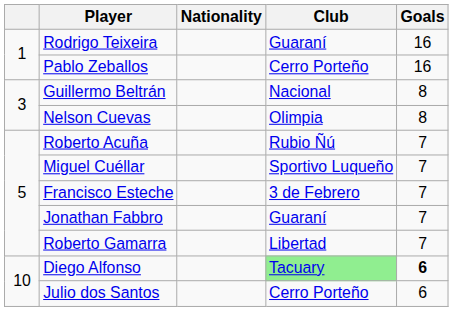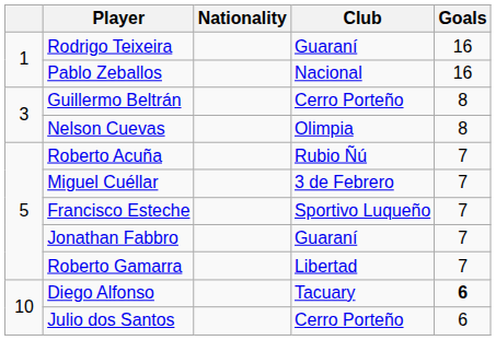 <table class="wikitable" border="1">
 <tr>
 <th width="28"></th>
 <th>Player</th>
 <th>Nationality</th>
 <th>Club</th>
 <th>Goals</th>
 </tr>
 <tr>
 <td align=center rowspan=2>1</td>
 <td><a href='#'>Rodrigo Teixeira</a></td>
 <td></td>
 <td><a href='#'>Guaraní</a></td>
 <td align=center>16</td>
 </tr>
 <tr>
 <td><a href='#'>Pablo Zeballos</a></td>
 <td></td>
-<td><a href='#'>Cerro Porteño</a></td>
+<td><a href='#'>Nacional</a></td>
 <td align=center>16</td>
 </tr>
 <tr>
 <td align=center rowspan=2>3</td>
 <td><a href='#'>Guillermo Beltrán</a></td>
 <td></td>
-<td><a href='#'>Nacional</a></td>
+<td><a href='#'>Cerro Porteño</a></td>
 <td align=center>8</td>
 </tr>
 <tr>
 <td><a href='#'>Nelson Cuevas</a></td>
 <td></td>
 <td><a href='#'>Olimpia</a></td>
 <td align=center>8</td>
 </tr>
 <tr>
 <td align=center rowspan=5>5</td>
 <td><a href='#'>Roberto Acuña</a></td>
 <td></td>
 <td><a href='#'>Rubio Ñú</a></td>
 <td align=center>7</td>
 </tr>
 <tr>
 <td><a href='#'>Miguel Cuéllar</a></td>
 <td></td>
-<td><a href='#'>Sportivo Luqueño</a></td>
+<td><a href='#'>3 de Febrero</a></td>
 <td align=center>7</td>
 </tr>
 <tr>
 <td><a href='#'>Francisco Esteche</a></td>
 <td></td>
-<td><a href='#'>3 de Febrero</a></td>
+<td><a href='#'>Sportivo Luqueño</a></td>
 <td align=center>7</td>
 </tr>
 <tr>
 <td><a href='#'>Jonathan Fabbro</a></td>
 <td></td>
 <td><a href='#'>Guaraní</a></td>
 <td align=center>7</td>
 </tr>
 <tr>
 <td><a href='#'>Roberto Gamarra</a></td>
 <td></td>
 <td><a href='#'>Libertad</a></td>
 <td align=center>7</td>
 </tr>
 <tr>
 <td align=center rowspan=2>10</td>
 <td><a href='#'>Diego Alfonso</a></td>
 <td></td>
-<td style="background: lightgreen;"><a href='#'>Tacuary</a></td>
+<td><a href='#'>Tacuary</a></td>
 <td align=center><strong>6</strong></td>
 </tr>
 <tr>
 <td><a href='#'>Julio dos Santos</a></td>
 <td></td>
 <td><a href='#'>Cerro Porteño</a></td>
 <td align=center>6</td>
 </tr>
 </table>
